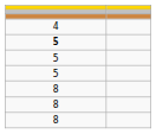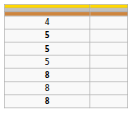 <table class="wikitable" style="width:200px;">
 <tr style="background:gold;">
 <td align=center></td>
 <td></td>
 </tr>
 <tr style="background:silver;">
 <td align=center></td>
 <td></td>
 </tr>
 <tr style="background:peru;">
 <td align=center></td>
 <td></td>
 </tr>
 <tr>
 <td align=center>4</td>
 <td></td>
 </tr>
 <tr>
 <td align=center><strong>5</strong></td>
 <td></td>
 </tr>
 <tr>
-<td align=center>5</td>
+<td align=center><strong>5</strong></td>
 <td></td>
 </tr>
 <tr>
 <td align=center>5</td>
 <td></td>
 </tr>
 <tr>
-<td align=center>8</td>
+<td align=center><strong>8</strong></td>
 <td></td>
 </tr>
 <tr>
 <td align=center>8</td>
 <td></td>
 </tr>
 <tr>
-<td align=center>8</td>
+<td align=center><strong>8</strong></td>
 <td></td>
 </tr>
 </table>
